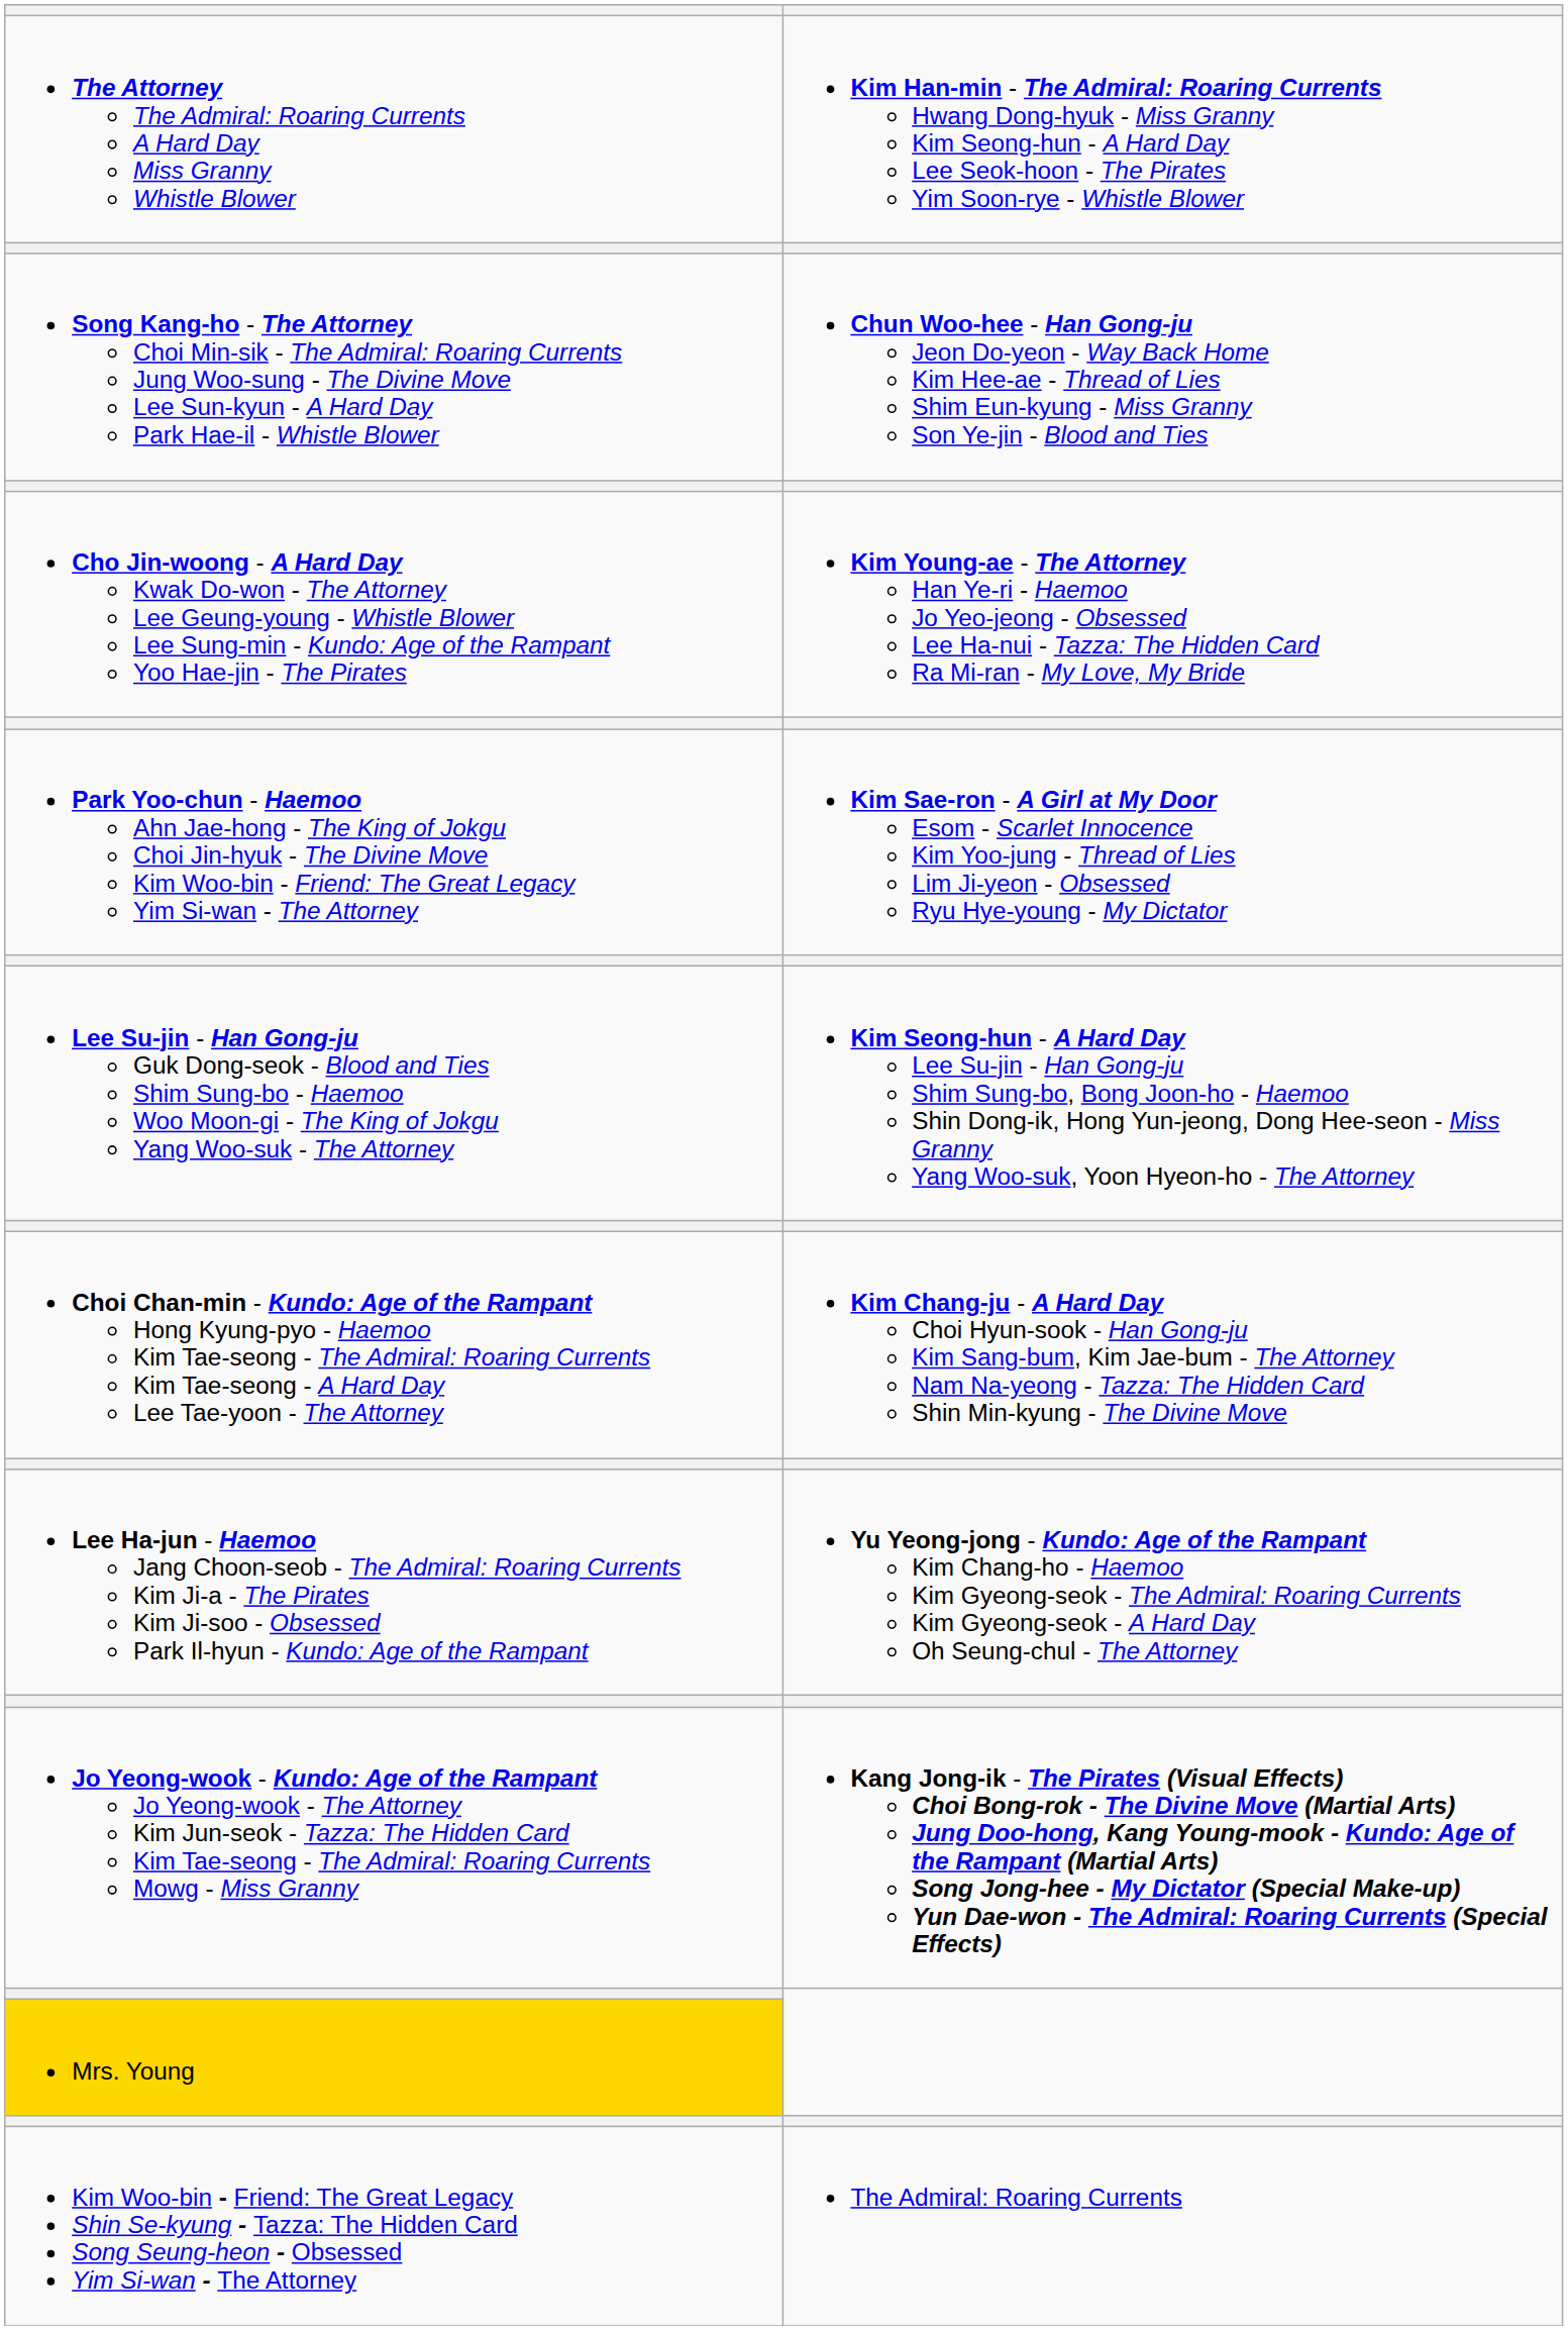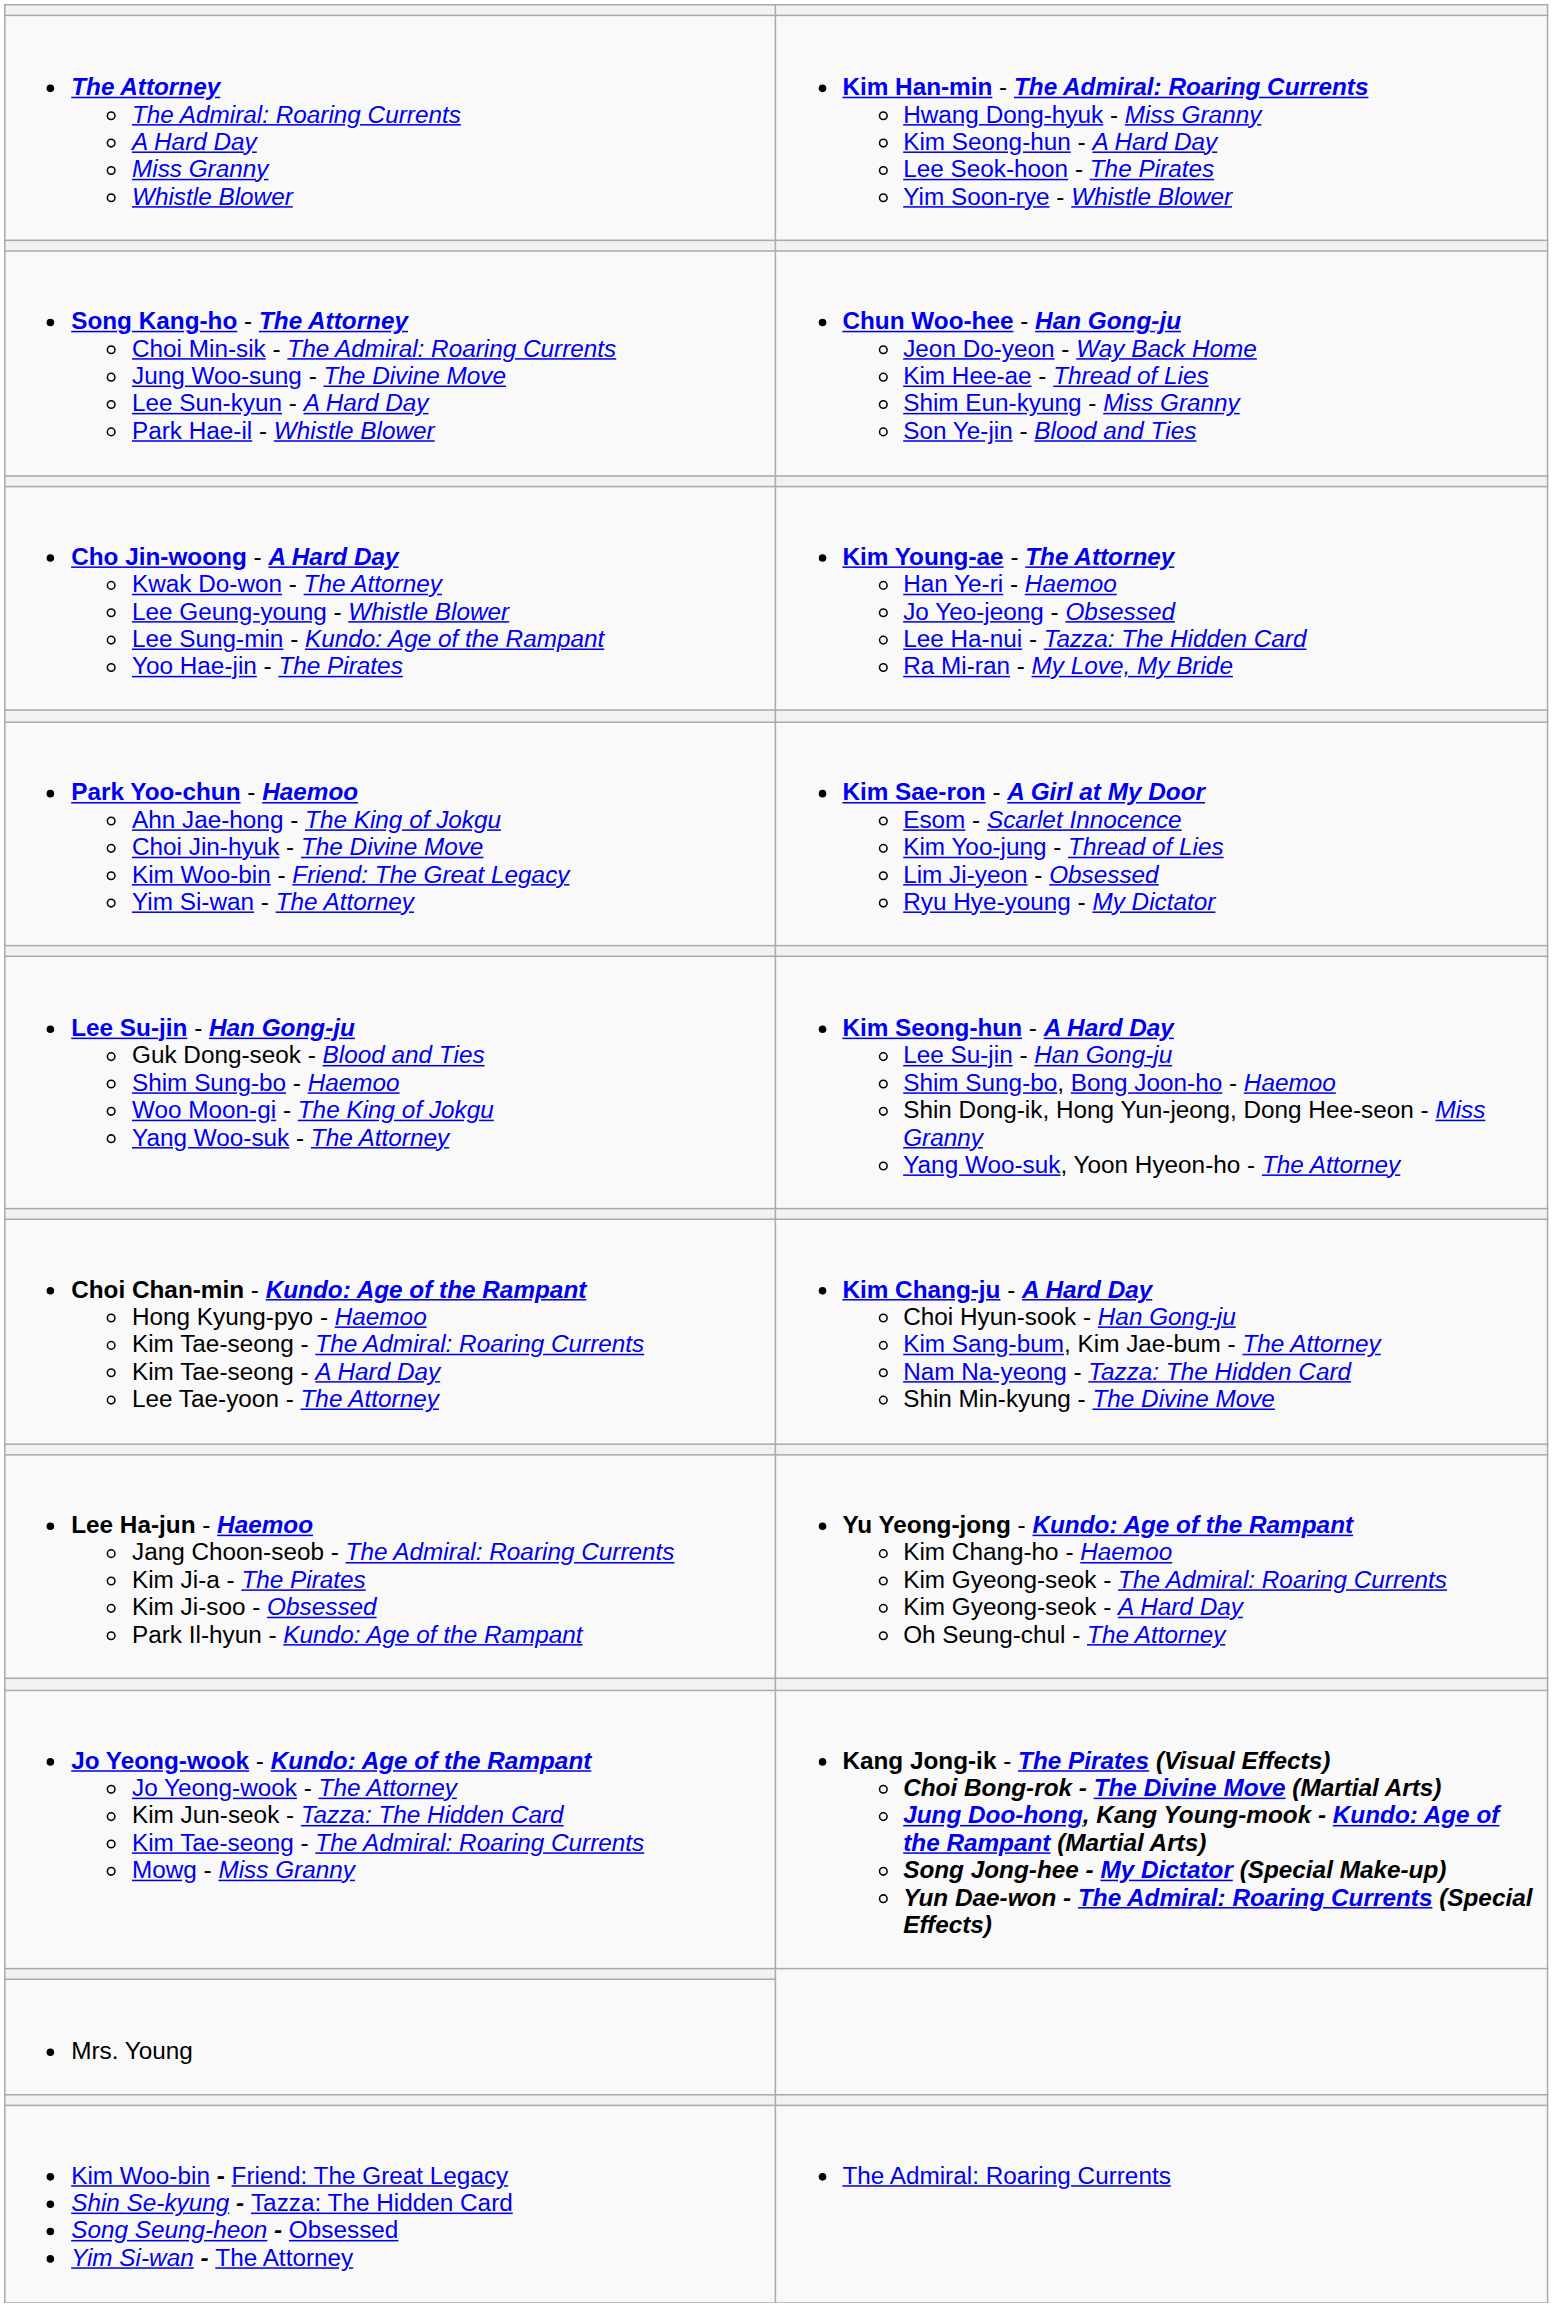 <table class="wikitable">
 <tr>
 <th style="width:500px;"></th>
 <th style="width:500px;"></th>
 </tr>
 <tr>
 <td valign="top"><br><ul><li><strong><em><a href='#'>The Attorney</a></em></strong><ul><li><em><a href='#'>The Admiral: Roaring Currents</a></em></li><li><em><a href='#'>A Hard Day</a></em></li><li><em><a href='#'>Miss Granny</a></em></li><li><em><a href='#'>Whistle Blower</a></em></li></ul></li></ul></td>
 <td valign="top"><br><ul><li><strong><a href='#'>Kim Han-min</a></strong> - <strong><em><a href='#'>The Admiral: Roaring Currents</a></em></strong><ul><li><a href='#'>Hwang Dong-hyuk</a> - <em><a href='#'>Miss Granny</a></em></li><li><a href='#'>Kim Seong-hun</a> - <em><a href='#'>A Hard Day</a></em></li><li><a href='#'>Lee Seok-hoon</a> - <em><a href='#'>The Pirates</a></em></li><li><a href='#'>Yim Soon-rye</a> - <em><a href='#'>Whistle Blower</a></em></li></ul></li></ul></td>
 </tr>
 <tr>
 <th></th>
 <th></th>
 </tr>
 <tr>
 <td valign="top"><br><ul><li><strong><a href='#'>Song Kang-ho</a></strong> - <strong><em><a href='#'>The Attorney</a></em></strong><ul><li><a href='#'>Choi Min-sik</a> - <em><a href='#'>The Admiral: Roaring Currents</a></em></li><li><a href='#'>Jung Woo-sung</a> - <em><a href='#'>The Divine Move</a></em></li><li><a href='#'>Lee Sun-kyun</a> - <em><a href='#'>A Hard Day</a></em></li><li><a href='#'>Park Hae-il</a> - <em><a href='#'>Whistle Blower</a></em></li></ul></li></ul></td>
 <td valign="top"><br><ul><li><strong><a href='#'>Chun Woo-hee</a></strong> - <strong><em><a href='#'>Han Gong-ju</a></em></strong><ul><li><a href='#'>Jeon Do-yeon</a> - <em><a href='#'>Way Back Home</a></em></li><li><a href='#'>Kim Hee-ae</a> - <em><a href='#'>Thread of Lies</a></em></li><li><a href='#'>Shim Eun-kyung</a> - <em><a href='#'>Miss Granny</a></em></li><li><a href='#'>Son Ye-jin</a> - <em><a href='#'>Blood and Ties</a></em></li></ul></li></ul></td>
 </tr>
 <tr>
 <th></th>
 <th></th>
 </tr>
 <tr>
 <td valign="top"><br><ul><li><strong><a href='#'>Cho Jin-woong</a></strong> - <strong><em><a href='#'>A Hard Day</a></em></strong><ul><li><a href='#'>Kwak Do-won</a> - <em><a href='#'>The Attorney</a></em></li><li><a href='#'>Lee Geung-young</a> - <em><a href='#'>Whistle Blower</a></em></li><li><a href='#'>Lee Sung-min</a> - <em><a href='#'>Kundo: Age of the Rampant</a></em></li><li><a href='#'>Yoo Hae-jin</a> - <em><a href='#'>The Pirates</a></em></li></ul></li></ul></td>
 <td valign="top"><br><ul><li><strong><a href='#'>Kim Young-ae</a></strong> - <strong><em><a href='#'>The Attorney</a></em></strong><ul><li><a href='#'>Han Ye-ri</a> - <em><a href='#'>Haemoo</a></em></li><li><a href='#'>Jo Yeo-jeong</a> - <em><a href='#'>Obsessed</a></em></li><li><a href='#'>Lee Ha-nui</a> - <em><a href='#'>Tazza: The Hidden Card</a></em></li><li><a href='#'>Ra Mi-ran</a> - <em><a href='#'>My Love, My Bride</a></em></li></ul></li></ul></td>
 </tr>
 <tr>
 <th></th>
 <th></th>
 </tr>
 <tr>
 <td valign="top"><br><ul><li><strong><a href='#'>Park Yoo-chun</a></strong> - <strong><em><a href='#'>Haemoo</a></em></strong><ul><li><a href='#'>Ahn Jae-hong</a> - <em><a href='#'>The King of Jokgu</a></em></li><li><a href='#'>Choi Jin-hyuk</a> - <em><a href='#'>The Divine Move</a></em></li><li><a href='#'>Kim Woo-bin</a> - <em><a href='#'>Friend: The Great Legacy</a></em></li><li><a href='#'>Yim Si-wan</a> - <em><a href='#'>The Attorney</a></em></li></ul></li></ul></td>
 <td valign="top"><br><ul><li><strong><a href='#'>Kim Sae-ron</a></strong> - <strong><em><a href='#'>A Girl at My Door</a></em></strong><ul><li><a href='#'>Esom</a> - <em><a href='#'>Scarlet Innocence</a></em></li><li><a href='#'>Kim Yoo-jung</a> - <em><a href='#'>Thread of Lies</a></em></li><li><a href='#'>Lim Ji-yeon</a> - <em><a href='#'>Obsessed</a></em></li><li><a href='#'>Ryu Hye-young</a> - <em><a href='#'>My Dictator</a></em></li></ul></li></ul></td>
 </tr>
 <tr>
 <th></th>
 <th></th>
 </tr>
 <tr>
 <td valign="top"><br><ul><li><strong><a href='#'>Lee Su-jin</a></strong>  - <strong><em><a href='#'>Han Gong-ju</a></em></strong><ul><li>Guk Dong-seok - <em><a href='#'>Blood and Ties</a></em></li><li><a href='#'>Shim Sung-bo</a> - <em><a href='#'>Haemoo</a></em></li><li><a href='#'>Woo Moon-gi</a> - <em><a href='#'>The King of Jokgu</a></em></li><li><a href='#'>Yang Woo-suk</a> - <em><a href='#'>The Attorney</a></em></li></ul></li></ul></td>
 <td valign="top"><br><ul><li><strong><a href='#'>Kim Seong-hun</a></strong> - <strong><em><a href='#'>A Hard Day</a></em></strong><ul><li><a href='#'>Lee Su-jin</a> - <em><a href='#'>Han Gong-ju</a></em></li><li><a href='#'>Shim Sung-bo</a>, <a href='#'>Bong Joon-ho</a> - <em><a href='#'>Haemoo</a></em></li><li>Shin Dong-ik, Hong Yun-jeong, Dong Hee-seon - <em><a href='#'>Miss Granny</a></em></li><li><a href='#'>Yang Woo-suk</a>, Yoon Hyeon-ho - <em><a href='#'>The Attorney</a></em></li></ul></li></ul></td>
 </tr>
 <tr>
 <th></th>
 <th></th>
 </tr>
 <tr>
 <td valign="top"><br><ul><li><strong>Choi Chan-min</strong> - <strong><em><a href='#'>Kundo: Age of the Rampant</a></em></strong><ul><li>Hong Kyung-pyo - <em><a href='#'>Haemoo</a></em></li><li>Kim Tae-seong - <em><a href='#'>The Admiral: Roaring Currents</a></em></li><li>Kim Tae-seong - <em><a href='#'>A Hard Day</a></em></li><li>Lee Tae-yoon - <em><a href='#'>The Attorney</a></em></li></ul></li></ul></td>
 <td valign="top"><br><ul><li><strong><a href='#'>Kim Chang-ju</a></strong> - <strong><em><a href='#'>A Hard Day</a></em></strong><ul><li>Choi Hyun-sook - <em><a href='#'>Han Gong-ju</a></em></li><li><a href='#'>Kim Sang-bum</a>, Kim Jae-bum  - <em><a href='#'>The Attorney</a></em></li><li><a href='#'>Nam Na-yeong</a> - <em><a href='#'>Tazza: The Hidden Card</a></em></li><li>Shin Min-kyung - <em><a href='#'>The Divine Move</a></em></li></ul></li></ul></td>
 </tr>
 <tr>
 <th></th>
 <th></th>
 </tr>
 <tr>
 <td valign="top"><br><ul><li><strong>Lee Ha-jun</strong> - <strong><em><a href='#'>Haemoo</a></em></strong><ul><li>Jang Choon-seob - <em><a href='#'>The Admiral: Roaring Currents</a></em></li><li>Kim Ji-a - <em><a href='#'>The Pirates</a></em></li><li>Kim Ji-soo - <em><a href='#'>Obsessed</a></em></li><li>Park Il-hyun - <em><a href='#'>Kundo: Age of the Rampant</a></em></li></ul></li></ul></td>
 <td valign="top"><br><ul><li><strong>Yu Yeong-jong</strong> - <strong><em><a href='#'>Kundo: Age of the Rampant</a></em></strong><ul><li>Kim Chang-ho - <em><a href='#'>Haemoo</a></em></li><li>Kim Gyeong-seok - <em><a href='#'>The Admiral: Roaring Currents</a></em></li><li>Kim Gyeong-seok - <em><a href='#'>A Hard Day</a></em></li><li>Oh Seung-chul  - <em><a href='#'>The Attorney</a></em></li></ul></li></ul></td>
 </tr>
 <tr>
 <th></th>
 <th></th>
 </tr>
 <tr>
 <td valign="top"><br><ul><li><strong><a href='#'>Jo Yeong-wook</a></strong> - <strong><em><a href='#'>Kundo: Age of the Rampant</a></em></strong><ul><li><a href='#'>Jo Yeong-wook</a>  - <em><a href='#'>The Attorney</a></em></li><li>Kim Jun-seok - <em><a href='#'>Tazza: The Hidden Card</a></em></li><li><a href='#'>Kim Tae-seong</a> - <em><a href='#'>The Admiral: Roaring Currents</a></em></li><li><a href='#'>Mowg</a> - <em><a href='#'>Miss Granny</a></em></li></ul></li></ul></td>
 <td valign="top"><br><ul><li><strong>Kang Jong-ik</strong> - <strong><em><a href='#'>The Pirates</a><em> (Visual Effects)<strong><ul><li>Choi Bong-rok - </em><a href='#'>The Divine Move</a><em> (Martial Arts)</li><li><a href='#'>Jung Doo-hong</a>, Kang Young-mook - </em><a href='#'>Kundo: Age of the Rampant</a><em> (Martial Arts)</li><li>Song Jong-hee - </em><a href='#'>My Dictator</a><em> (Special Make-up)</li><li>Yun Dae-won - </em><a href='#'>The Admiral: Roaring Currents</a><em> (Special Effects)</li></ul></li></ul></td>
 </tr>
 <tr>
 <th></th>
 </tr>
 <tr>
-<td valign="top" style="background: gold;"><br><ul><li></em></strong>Mrs. Young<strong><em></li></ul></td>
+<td valign="top"><br><ul><li></em></strong>Mrs. Young<strong><em></li></ul></td>
 </tr>
 <tr>
 <th></th>
 <th></th>
 </tr>
 <tr>
 <td valign="top"><br><ul><li></strong><a href='#'>Kim Woo-bin</a><strong> - </em></strong><a href='#'>Friend: The Great Legacy</a><strong><em></li><li></strong><a href='#'>Shin Se-kyung</a><strong> - </em></strong><a href='#'>Tazza: The Hidden Card</a><strong><em></li><li></strong><a href='#'>Song Seung-heon</a><strong> - </em></strong><a href='#'>Obsessed</a><strong><em></li><li></strong><a href='#'>Yim Si-wan</a><strong> - </em></strong><a href='#'>The Attorney</a><strong><em></li></ul></td>
 <td valign="top"><br><ul><li></em></strong><a href='#'>The Admiral: Roaring Currents</a><strong><em></li></ul></td>
 </tr>
 </table>
